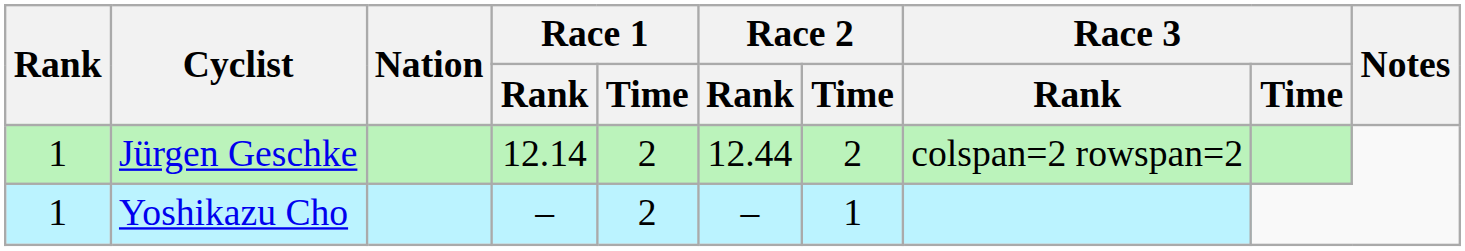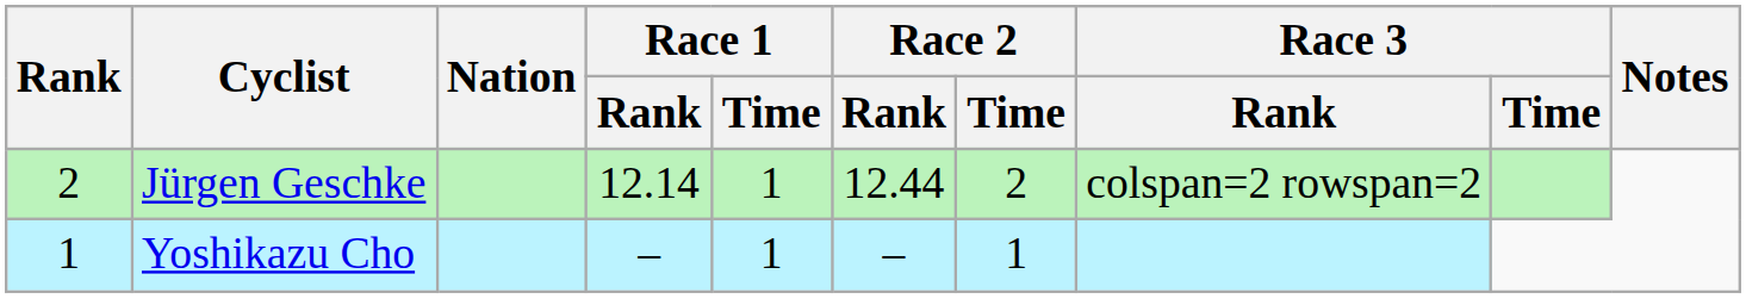 <table class="wikitable sortable" style="text-align:center">
 <tr>
 <th rowspan=2>Rank</th>
 <th rowspan=2>Cyclist</th>
 <th rowspan=2>Nation</th>
 <th colspan=2>Race 1</th>
 <th colspan=2>Race 2</th>
 <th colspan=2>Race 3</th>
 <th rowspan=2>Notes</th>
 </tr>
 <tr>
 <th>Rank</th>
 <th>Time</th>
 <th>Rank</th>
 <th>Time</th>
 <th>Rank</th>
 <th>Time</th>
 </tr>
 <tr bgcolor=bbf3bb>
-<td>1</td>
+<td>2</td>
 <td align=left data-sort-value="Geschke, Jürgen"><a href='#'>Jürgen Geschke</a></td>
 <td align=left></td>
 <td>12.14</td>
-<td>2</td>
+<td>1</td>
 <td>12.44</td>
 <td>2</td>
 <td>colspan=2 rowspan=2 </td>
 <td></td>
 </tr>
 <tr bgcolor=bbf3ff>
 <td>1</td>
 <td align=left data-sort-value="Cho, Yoshikazu"><a href='#'>Yoshikazu Cho</a></td>
 <td align=left></td>
 <td>–</td>
-<td>2</td>
+<td>1</td>
 <td>–</td>
 <td>1</td>
 <td></td>
 </tr>
 </table>
